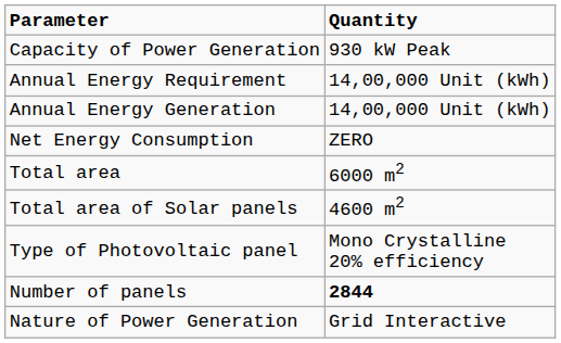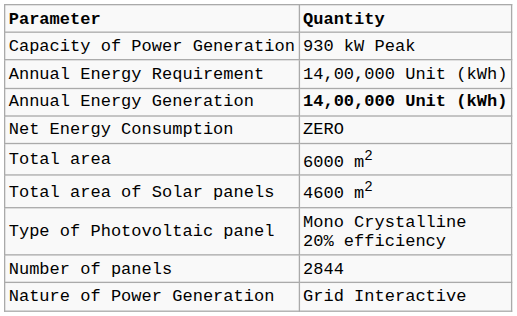 <table class="wikitable">
 <tr>
 <td><strong>Parameter</strong></td>
 <td><strong>Quantity</strong></td>
 </tr>
 <tr>
 <td>Capacity of Power Generation</td>
 <td>930 kW Peak</td>
 </tr>
 <tr>
 <td>Annual Energy Requirement</td>
 <td>14,00,000 Unit (kWh)</td>
 </tr>
 <tr>
 <td>Annual Energy Generation</td>
-<td>14,00,000 Unit (kWh)</td>
+<td><strong>14,00,000 Unit (kWh)</strong></td>
 </tr>
 <tr>
 <td>Net Energy Consumption</td>
 <td>ZERO</td>
 </tr>
 <tr>
 <td>Total area</td>
 <td>6000 m<sup>2</sup></td>
 </tr>
 <tr>
 <td>Total area of Solar panels</td>
 <td>4600 m<sup>2</sup></td>
 </tr>
 <tr>
 <td>Type of Photovoltaic panel</td>
 <td>Mono Crystalline<br>20% efficiency</td>
 </tr>
 <tr>
 <td>Number of panels</td>
-<td><strong>2844</strong></td>
+<td>2844</td>
 </tr>
 <tr>
 <td>Nature of Power Generation</td>
 <td>Grid Interactive</td>
 </tr>
 </table>
